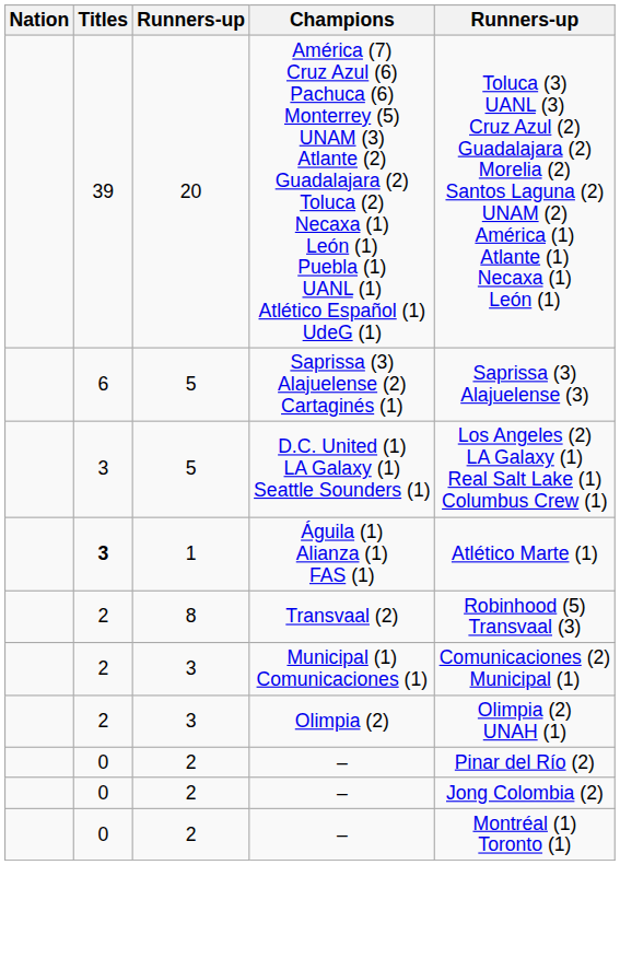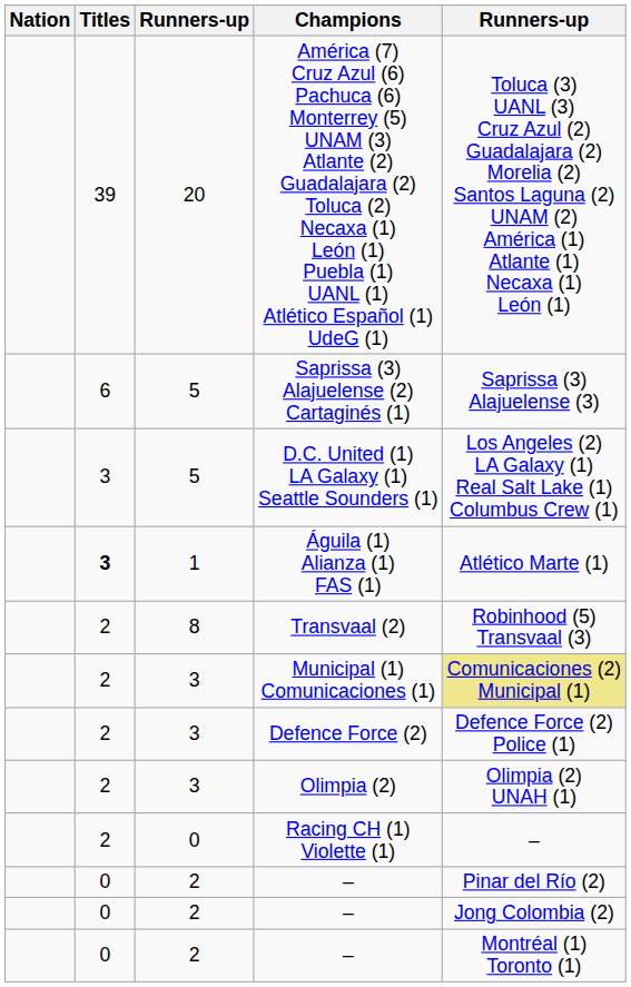 <table class="wikitable" style="text-align: center;">
 <tr>
 <th>Nation</th>
 <th>Titles</th>
 <th>Runners-up</th>
 <th>Champions</th>
 <th>Runners-up</th>
 </tr>
 <tr>
 <td align=left><strong></strong></td>
 <td>39</td>
 <td>20</td>
 <td><a href='#'>América</a> (7)<br><a href='#'>Cruz Azul</a> (6)<br><a href='#'>Pachuca</a> (6)<br><a href='#'>Monterrey</a> (5)<br><a href='#'>UNAM</a> (3)<br><a href='#'>Atlante</a> (2)<br><a href='#'>Guadalajara</a> (2)<br><a href='#'>Toluca</a> (2)<br><a href='#'>Necaxa</a> (1)<br><a href='#'>León</a> (1)<br><a href='#'>Puebla</a> (1)<br><a href='#'>UANL</a> (1)<br><a href='#'>Atlético Español</a> (1)<br><a href='#'>UdeG</a> (1)</td>
 <td><a href='#'>Toluca</a> (3)<br><a href='#'>UANL</a> (3)<br><a href='#'>Cruz Azul</a> (2)<br><a href='#'>Guadalajara</a> (2)<br><a href='#'>Morelia</a> (2)<br><a href='#'>Santos Laguna</a> (2)<br><a href='#'>UNAM</a> (2)<br><a href='#'>América</a> (1)<br><a href='#'>Atlante</a> (1)<br><a href='#'>Necaxa</a> (1)<br><a href='#'>León</a> (1)</td>
 </tr>
 <tr>
 <td align=left><strong></strong></td>
 <td>6</td>
 <td>5</td>
 <td><a href='#'>Saprissa</a> (3)<br><a href='#'>Alajuelense</a> (2)<br><a href='#'>Cartaginés</a> (1)</td>
 <td><a href='#'>Saprissa</a> (3)<br><a href='#'>Alajuelense</a> (3)</td>
 </tr>
 <tr>
 <td align=left><strong></strong></td>
 <td>3</td>
 <td>5</td>
 <td><a href='#'>D.C. United</a> (1)<br><a href='#'>LA Galaxy</a> (1)<br><a href='#'>Seattle Sounders</a> (1)</td>
 <td><a href='#'>Los Angeles</a> (2)<br><a href='#'>LA Galaxy</a> (1)<br><a href='#'>Real Salt Lake</a> (1)<br><a href='#'>Columbus Crew</a> (1)</td>
 </tr>
 <tr>
 <td align=left><strong></strong></td>
 <td><strong>3</strong></td>
 <td>1</td>
 <td><a href='#'>Águila</a> (1)<br><a href='#'>Alianza</a> (1)<br><a href='#'>FAS</a> (1)</td>
 <td><a href='#'>Atlético Marte</a> (1)</td>
 </tr>
 <tr>
 <td align=left><strong></strong></td>
 <td>2</td>
 <td>8</td>
 <td><a href='#'>Transvaal</a> (2)</td>
 <td><a href='#'>Robinhood</a> (5)<br><a href='#'>Transvaal</a> (3)</td>
 </tr>
 <tr>
 <td align=left><strong></strong></td>
 <td>2</td>
 <td>3</td>
 <td><a href='#'>Municipal</a> (1)<br><a href='#'>Comunicaciones</a> (1)</td>
-<td><a href='#'>Comunicaciones</a> (2)<br><a href='#'>Municipal</a> (1)</td>
+<td style="background: khaki;"><a href='#'>Comunicaciones</a> (2)<br><a href='#'>Municipal</a> (1)</td>
+</tr>
+<tr>
+<td align=left><strong></strong></td>
+<td>2</td>
+<td>3</td>
+<td><a href='#'>Defence Force</a> (2)</td>
+<td><a href='#'>Defence Force</a> (2)<br><a href='#'>Police</a> (1)</td>
 </tr>
 <tr>
 <td align=left><strong></strong></td>
 <td>2</td>
 <td>3</td>
 <td><a href='#'>Olimpia</a> (2)</td>
 <td><a href='#'>Olimpia</a> (2)<br><a href='#'>UNAH</a> (1)</td>
+</tr>
+<tr>
+<td align=left><strong></strong></td>
+<td>2</td>
+<td>0</td>
+<td><a href='#'>Racing CH</a> (1)<br><a href='#'>Violette</a> (1)</td>
+<td>–</td>
 </tr>
 <tr>
 <td align=left></td>
 <td>0</td>
 <td>2</td>
 <td>–</td>
 <td><a href='#'>Pinar del Río</a> (2)</td>
 </tr>
 <tr>
 <td align=left></td>
 <td>0</td>
 <td>2</td>
 <td>–</td>
 <td><a href='#'>Jong Colombia</a> (2)</td>
 </tr>
 <tr>
 <td align=left></td>
 <td>0</td>
 <td>2</td>
 <td>–</td>
 <td><a href='#'>Montréal</a> (1)<br><a href='#'>Toronto</a> (1)</td>
 </tr>
 </table>
